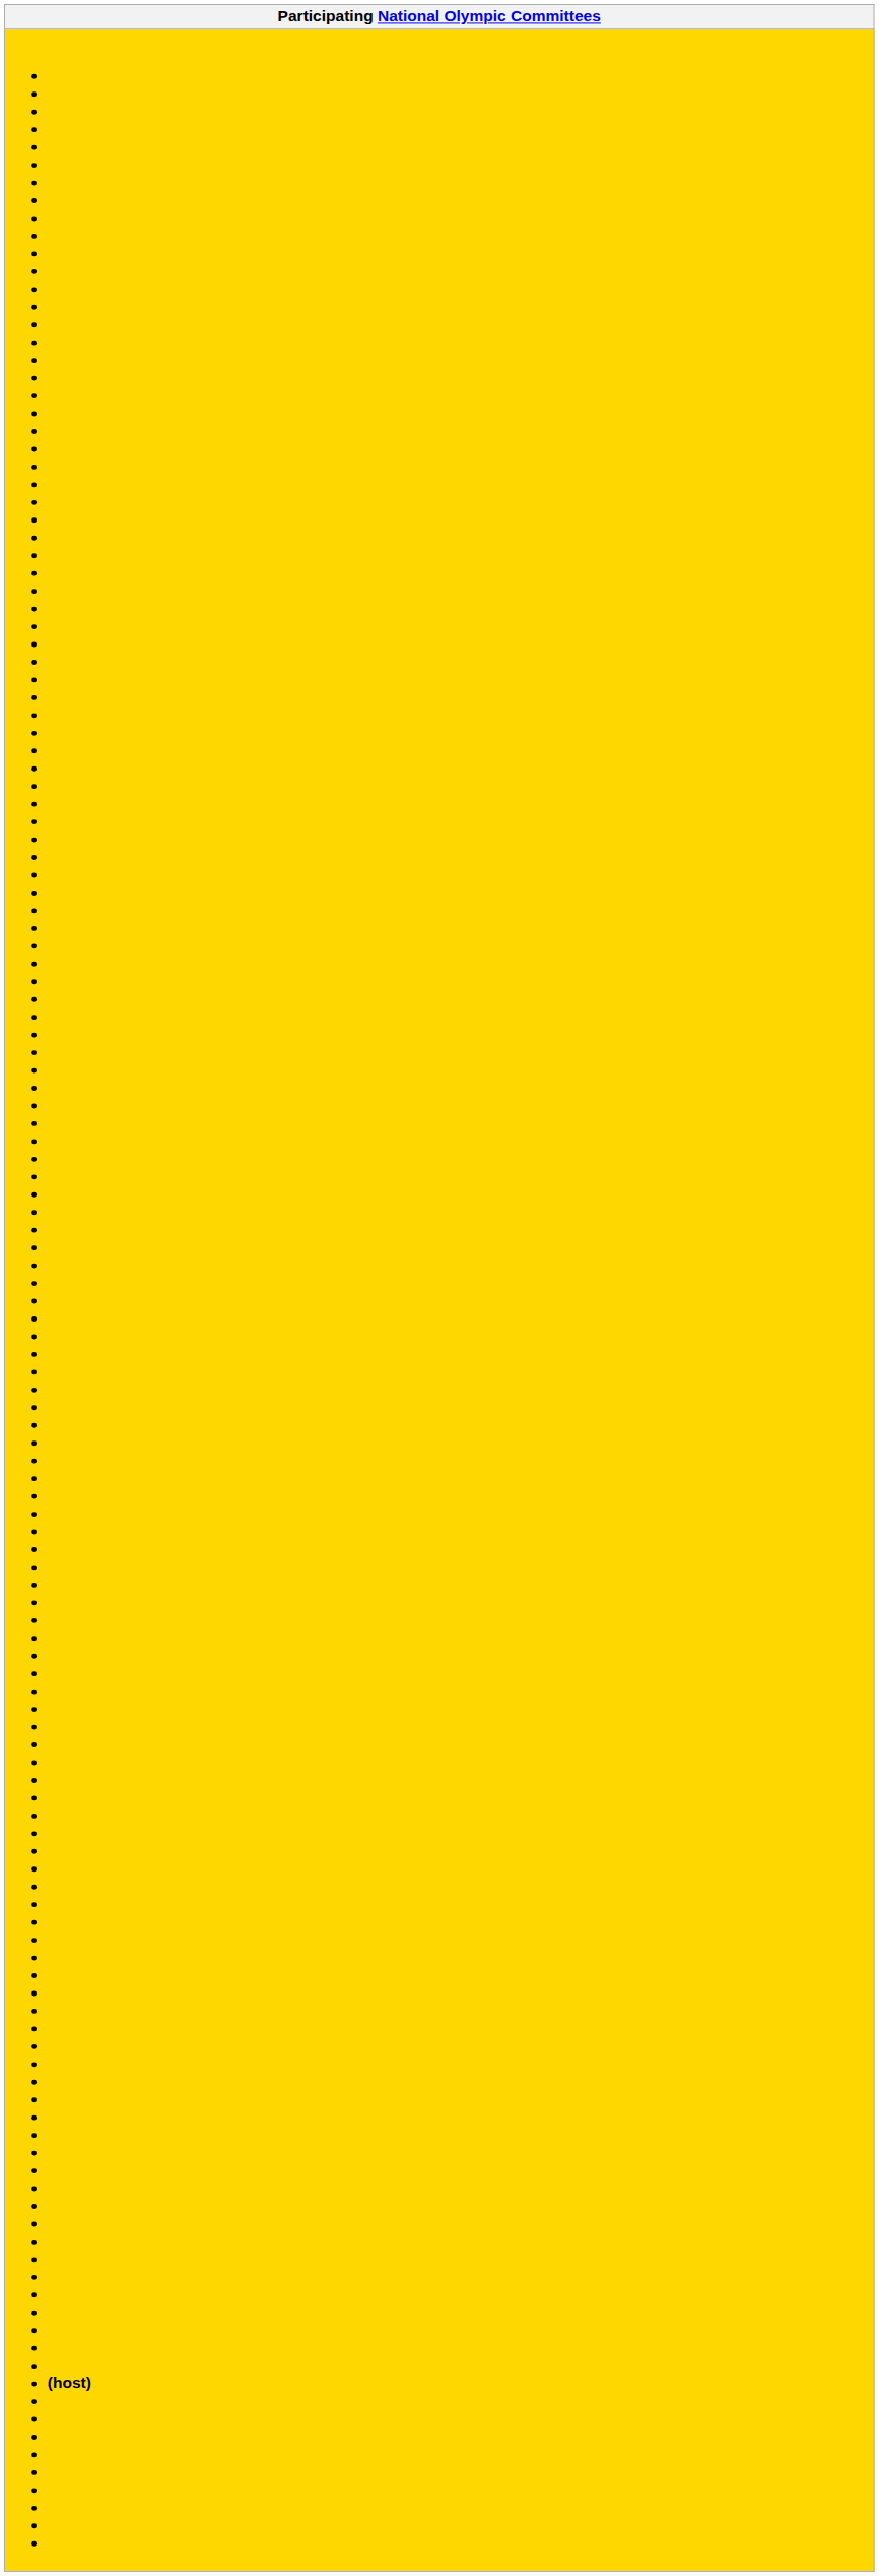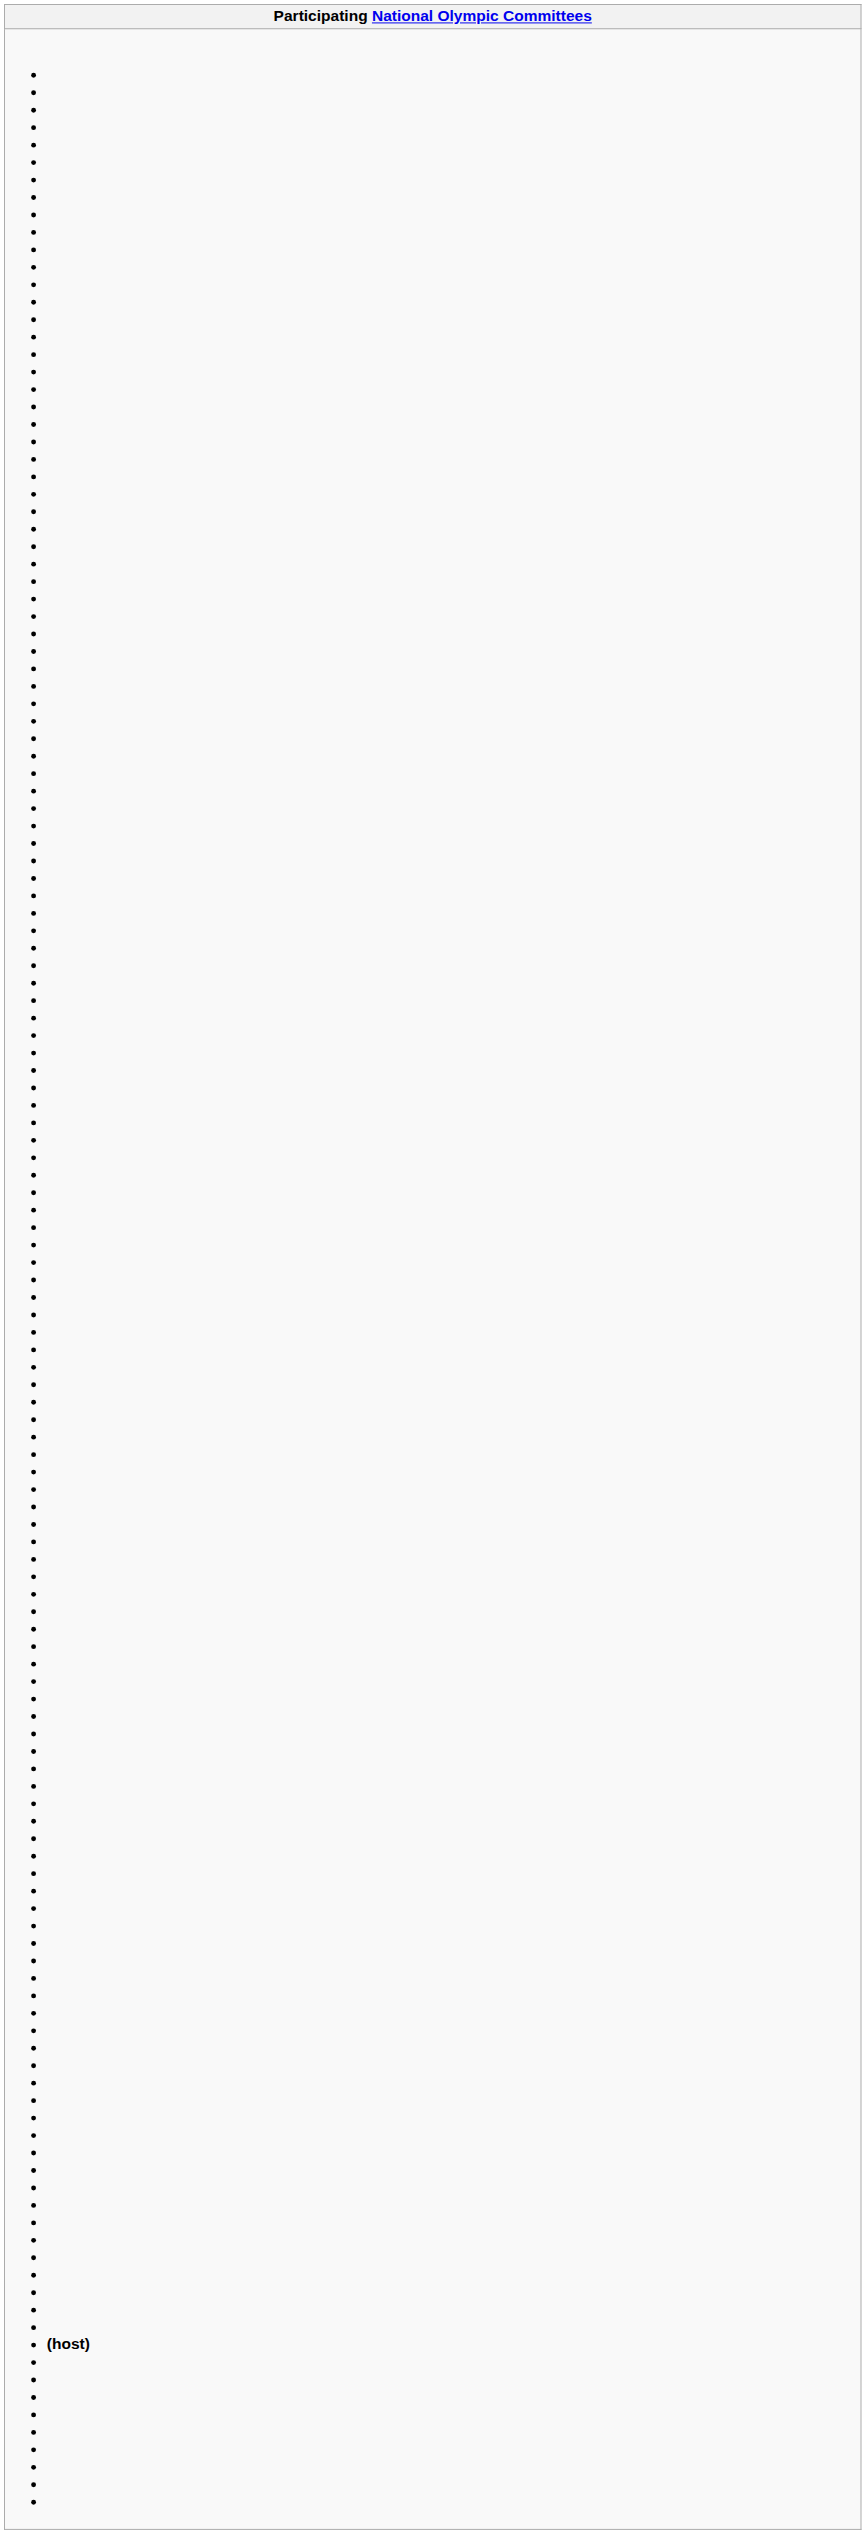 <table class="wikitable collapsible" style="width:100%;">
 <tr>
 <th>Participating <a href='#'>National Olympic Committees</a></th>
 </tr>
 <tr>
-<td style="background: gold;"><br><ul><li></li><li></li><li></li><li></li><li></li><li></li><li></li><li></li><li></li><li></li><li></li><li></li><li></li><li></li><li></li><li></li><li></li><li></li><li></li><li></li><li></li><li></li><li></li><li></li><li></li><li></li><li></li><li></li><li></li><li></li><li></li><li></li><li></li><li></li><li></li><li></li><li></li><li></li><li></li><li></li><li></li><li></li><li></li><li></li><li></li><li></li><li></li><li></li><li></li><li></li><li></li><li></li><li></li><li></li><li></li><li></li><li></li><li></li><li></li><li></li><li></li><li></li><li></li><li></li><li></li><li></li><li></li><li></li><li></li><li></li><li></li><li></li><li></li><li></li><li></li><li></li><li></li><li></li><li></li><li></li><li></li><li></li><li></li><li></li><li></li><li></li><li></li><li></li><li></li><li></li><li></li><li></li><li></li><li></li><li></li><li></li><li></li><li></li><li></li><li></li><li></li><li></li><li></li><li></li><li></li><li></li><li></li><li></li><li></li><li></li><li></li><li></li><li></li><li></li><li></li><li></li><li></li><li></li><li></li><li></li><li></li><li></li><li></li><li></li><li></li><li></li><li></li><li></li><li></li><li></li><li> <strong>(host)</strong></li><li></li><li></li><li></li><li></li><li></li><li></li><li></li><li></li><li></li></ul></td>
+<td><br><ul><li></li><li></li><li></li><li></li><li></li><li></li><li></li><li></li><li></li><li></li><li></li><li></li><li></li><li></li><li></li><li></li><li></li><li></li><li></li><li></li><li></li><li></li><li></li><li></li><li></li><li></li><li></li><li></li><li></li><li></li><li></li><li></li><li></li><li></li><li></li><li></li><li></li><li></li><li></li><li></li><li></li><li></li><li></li><li></li><li></li><li></li><li></li><li></li><li></li><li></li><li></li><li></li><li></li><li></li><li></li><li></li><li></li><li></li><li></li><li></li><li></li><li></li><li></li><li></li><li></li><li></li><li></li><li></li><li></li><li></li><li></li><li></li><li></li><li></li><li></li><li></li><li></li><li></li><li></li><li></li><li></li><li></li><li></li><li></li><li></li><li></li><li></li><li></li><li></li><li></li><li></li><li></li><li></li><li></li><li></li><li></li><li></li><li></li><li></li><li></li><li></li><li></li><li></li><li></li><li></li><li></li><li></li><li></li><li></li><li></li><li></li><li></li><li></li><li></li><li></li><li></li><li></li><li></li><li></li><li></li><li></li><li></li><li></li><li></li><li></li><li></li><li></li><li></li><li></li><li></li><li> <strong>(host)</strong></li><li></li><li></li><li></li><li></li><li></li><li></li><li></li><li></li><li></li></ul></td>
 </tr>
 </table>
